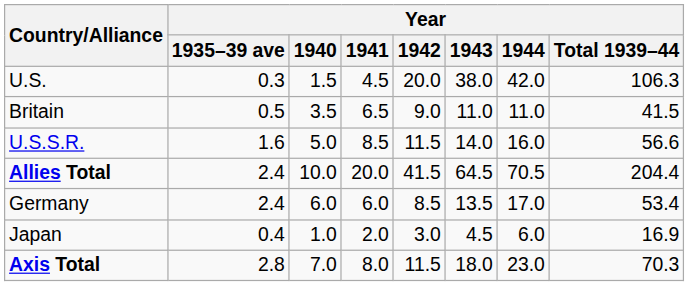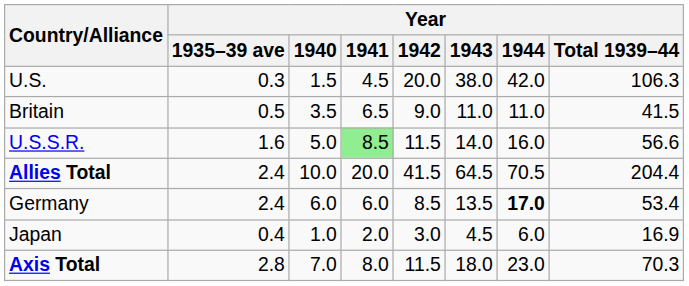 <table class="wikitable">
 <tr>
 <th rowspan="2">Country/Alliance</th>
 <th colspan="7">Year</th>
 </tr>
 <tr>
 <th>1935–39 ave</th>
 <th>1940</th>
 <th>1941</th>
 <th>1942</th>
 <th>1943</th>
 <th>1944</th>
 <th>Total 1939–44</th>
 </tr>
 <tr style="text-align:right">
 <td align="left">U.S.</td>
 <td>0.3</td>
 <td>1.5</td>
 <td>4.5</td>
 <td>20.0</td>
 <td>38.0</td>
 <td>42.0</td>
 <td>106.3</td>
 </tr>
 <tr style="text-align:right">
 <td align="left">Britain</td>
 <td>0.5</td>
 <td>3.5</td>
 <td>6.5</td>
 <td>9.0</td>
 <td>11.0</td>
 <td>11.0</td>
 <td>41.5</td>
 </tr>
 <tr style="text-align:right">
 <td align="left"><a href='#'>U.S.S.R.</a></td>
 <td>1.6</td>
 <td>5.0</td>
-<td>8.5</td>
+<td style="background: lightgreen;">8.5</td>
 <td>11.5</td>
 <td>14.0</td>
 <td>16.0</td>
 <td>56.6</td>
 </tr>
 <tr style="text-align:right">
 <td align="left"><strong><a href='#'>Allies</a> Total</strong></td>
 <td>2.4</td>
 <td>10.0</td>
 <td>20.0</td>
 <td>41.5</td>
 <td>64.5</td>
 <td>70.5</td>
 <td>204.4</td>
 </tr>
 <tr style="text-align:right">
 <td align="left">Germany</td>
 <td>2.4</td>
 <td>6.0</td>
 <td>6.0</td>
 <td>8.5</td>
 <td>13.5</td>
-<td>17.0</td>
+<td><strong>17.0</strong></td>
 <td>53.4</td>
 </tr>
 <tr style="text-align:right">
 <td align="left">Japan</td>
 <td>0.4</td>
 <td>1.0</td>
 <td>2.0</td>
 <td>3.0</td>
 <td>4.5</td>
 <td>6.0</td>
 <td>16.9</td>
 </tr>
 <tr style="text-align:right">
 <td align="left"><strong><a href='#'>Axis</a> Total</strong></td>
 <td>2.8</td>
 <td>7.0</td>
 <td>8.0</td>
 <td>11.5</td>
 <td>18.0</td>
 <td>23.0</td>
 <td>70.3</td>
 </tr>
 </table>
